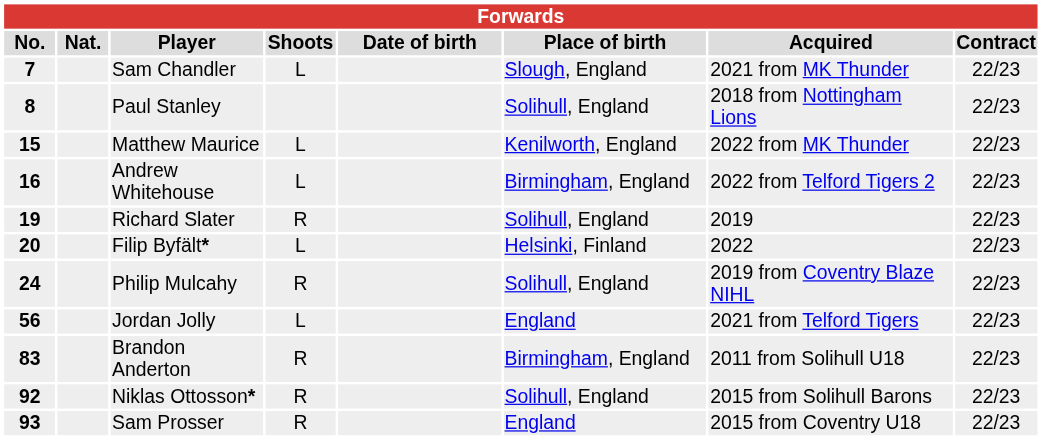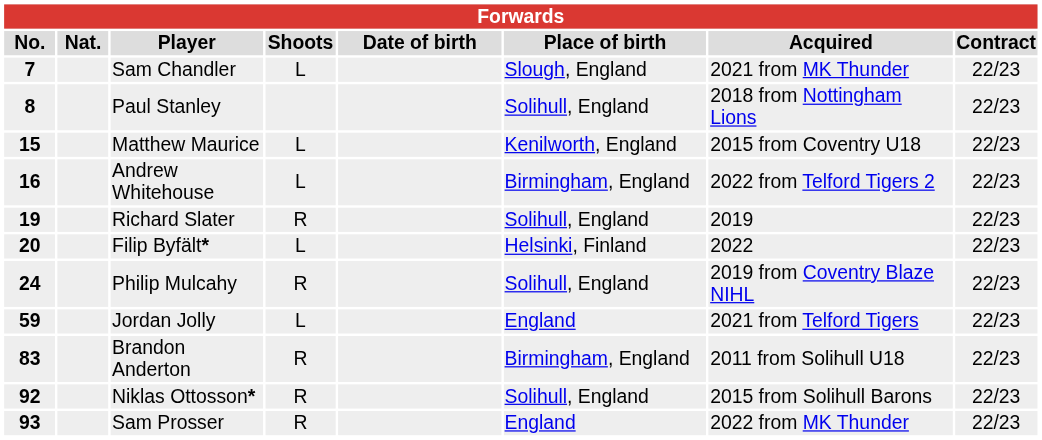 <table class="toccolours"  style="width:97%; clear:both; margin:1.5em auto; text-align:center;">
 <tr style="background:#ddd;">
 <th colspan="11" style="background:#da3832; color:#ffffff;”">Forwards</th>
 </tr>
 <tr style="background:#ddd;">
 <th width=5%>No.</th>
 <th width=5%>Nat.</th>
 <th !width=22%>Player</th>
 <th width=7%>Shoots</th>
 <th width=16%>Date of birth</th>
 <th width=20%>Place of birth</th>
 <th width=24%>Acquired</th>
 <td><strong>Contract</strong></td>
 </tr>
 <tr style="background:#eee;">
 <td><strong>7</strong></td>
 <td></td>
 <td align=left>Sam Chandler</td>
 <td>L</td>
 <td align=left></td>
 <td align=left><a href='#'>Slough</a>, England</td>
 <td align=left>2021 from <a href='#'>MK Thunder</a></td>
 <td>22/23</td>
 </tr>
 <tr style="background:#eee;">
 <td><strong>8</strong></td>
 <td></td>
 <td align=left>Paul Stanley</td>
 <td></td>
 <td align=left></td>
 <td align=left><a href='#'>Solihull</a>, England</td>
 <td align=left>2018 from <a href='#'>Nottingham Lions</a></td>
 <td>22/23</td>
 </tr>
 <tr style="background:#eee;">
 <td><strong>15</strong></td>
 <td></td>
 <td align=left>Matthew Maurice</td>
 <td>L</td>
 <td align=left></td>
 <td align=left><a href='#'>Kenilworth</a>, England</td>
-<td align=left>2022 from <a href='#'>MK Thunder</a></td>
+<td align=left>2015 from Coventry U18</td>
 <td>22/23</td>
 </tr>
 <tr style="background:#eee;">
 <td><strong>16</strong></td>
 <td></td>
 <td align=left>Andrew Whitehouse</td>
 <td>L</td>
 <td align=left></td>
 <td align=left><a href='#'>Birmingham</a>, England</td>
 <td align=left>2022 from <a href='#'>Telford Tigers 2</a></td>
 <td>22/23</td>
 </tr>
 <tr style="background:#eee;">
 <td><strong>19</strong></td>
 <td></td>
 <td align=left>Richard Slater</td>
 <td>R</td>
 <td align=left></td>
 <td align=left><a href='#'>Solihull</a>, England</td>
 <td align=left>2019</td>
 <td>22/23</td>
 </tr>
 <tr style="background:#eee;">
 <td><strong>20</strong></td>
 <td></td>
 <td align=left>Filip Byfält<strong>*</strong></td>
 <td>L</td>
 <td align=left></td>
 <td align=left><a href='#'>Helsinki</a>, Finland</td>
 <td align=left>2022</td>
 <td>22/23</td>
 </tr>
 <tr style="background:#eee;">
 <td><strong>24</strong></td>
 <td></td>
 <td align=left>Philip Mulcahy</td>
 <td>R</td>
 <td align=left></td>
 <td align=left><a href='#'>Solihull</a>, England</td>
 <td align=left>2019 from <a href='#'>Coventry Blaze NIHL</a></td>
 <td>22/23</td>
 </tr>
 <tr style="background:#eee;">
-<td><strong>56</strong></td>
+<td><strong>59</strong></td>
 <td></td>
 <td align=left>Jordan Jolly</td>
 <td>L</td>
 <td align=left></td>
 <td align=left><a href='#'>England</a></td>
 <td align=left>2021 from <a href='#'>Telford Tigers</a></td>
 <td>22/23</td>
 </tr>
 <tr style="background:#eee;">
 <td><strong>83</strong></td>
 <td></td>
 <td align=left>Brandon Anderton</td>
 <td>R</td>
 <td align=left></td>
 <td align=left><a href='#'>Birmingham</a>, England</td>
 <td align=left>2011 from Solihull U18</td>
 <td>22/23</td>
 </tr>
 <tr style="background:#eee;">
 <td><strong>92</strong></td>
 <td></td>
 <td align=left>Niklas Ottosson<strong>*</strong></td>
 <td>R</td>
 <td align=left></td>
 <td align=left><a href='#'>Solihull</a>, England</td>
 <td align=left>2015 from Solihull Barons</td>
 <td>22/23</td>
 </tr>
 <tr style="background:#eee;">
 <td><strong>93</strong></td>
 <td></td>
 <td align=left>Sam Prosser</td>
 <td>R</td>
 <td align=left></td>
 <td align=left><a href='#'>England</a></td>
-<td align=left>2015 from Coventry U18</td>
+<td align=left>2022 from <a href='#'>MK Thunder</a></td>
 <td>22/23</td>
 </tr>
 </table>
